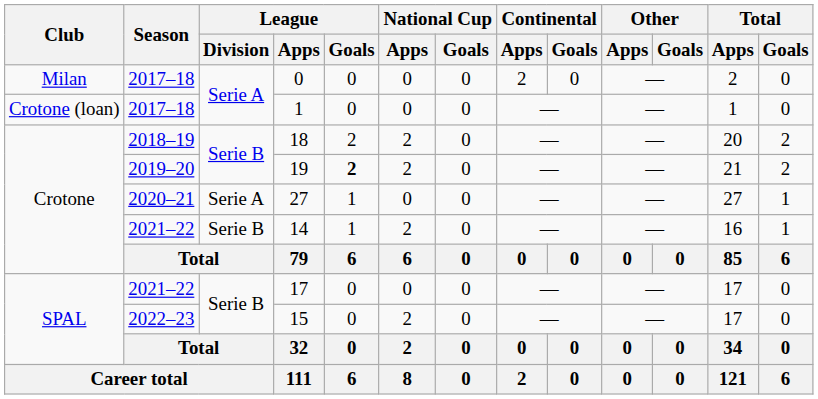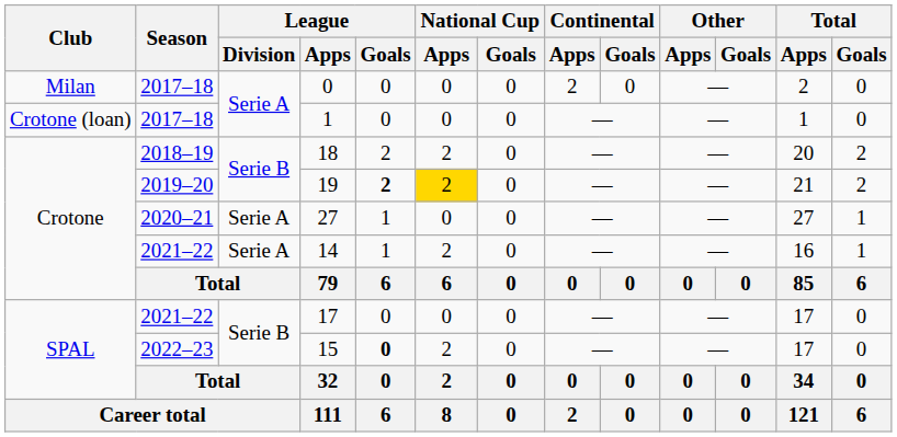 <table class="wikitable" style="text-align: center;">
 <tr>
 <th rowspan="2">Club</th>
 <th rowspan="2">Season</th>
 <th colspan="3">League</th>
 <th colspan="2">National Cup</th>
 <th colspan="2">Continental</th>
 <th colspan="2">Other</th>
 <th colspan="2">Total</th>
 </tr>
 <tr>
 <th>Division</th>
 <th>Apps</th>
 <th>Goals</th>
 <th>Apps</th>
 <th>Goals</th>
 <th>Apps</th>
 <th>Goals</th>
 <th>Apps</th>
 <th>Goals</th>
 <th>Apps</th>
 <th>Goals</th>
 </tr>
 <tr>
 <td><a href='#'>Milan</a></td>
 <td><a href='#'>2017–18</a></td>
 <td rowspan="2"><a href='#'>Serie A</a></td>
 <td>0</td>
 <td>0</td>
 <td>0</td>
 <td>0</td>
 <td>2</td>
 <td>0</td>
 <td colspan="2“">—</td>
 <td>2</td>
 <td>0</td>
 </tr>
 <tr>
 <td><a href='#'>Crotone</a> (loan)</td>
 <td><a href='#'>2017–18</a></td>
 <td>1</td>
 <td>0</td>
 <td>0</td>
 <td>0</td>
 <td colspan="2“">—</td>
 <td colspan="2“">—</td>
 <td>1</td>
 <td>0</td>
 </tr>
 <tr>
 <td rowspan="5">Crotone</td>
 <td><a href='#'>2018–19</a></td>
 <td rowspan="2"><a href='#'>Serie B</a></td>
 <td>18</td>
 <td>2</td>
 <td>2</td>
 <td>0</td>
 <td colspan="2“">—</td>
 <td colspan="2“">—</td>
 <td>20</td>
 <td>2</td>
 </tr>
 <tr>
 <td><a href='#'>2019–20</a></td>
 <td>19</td>
 <td><strong>2</strong></td>
-<td>2</td>
+<td style="background: gold;">2</td>
 <td>0</td>
 <td colspan="2“">—</td>
 <td colspan="2“">—</td>
 <td>21</td>
 <td>2</td>
 </tr>
 <tr>
 <td><a href='#'>2020–21</a></td>
 <td>Serie A</td>
 <td>27</td>
 <td>1</td>
 <td>0</td>
 <td>0</td>
 <td colspan="2“">—</td>
 <td colspan="2“">—</td>
 <td>27</td>
 <td>1</td>
 </tr>
 <tr>
 <td><a href='#'>2021–22</a></td>
-<td>Serie B</td>
+<td>Serie A</td>
 <td>14</td>
 <td>1</td>
 <td>2</td>
 <td>0</td>
 <td colspan="2“">—</td>
 <td colspan="2“">—</td>
 <td>16</td>
 <td>1</td>
 </tr>
 <tr>
 <th colspan="2">Total</th>
 <th>79</th>
 <th>6</th>
 <th>6</th>
 <th>0</th>
 <th>0</th>
 <th>0</th>
 <th>0</th>
 <th>0</th>
 <th>85</th>
 <th>6</th>
 </tr>
 <tr>
 <td rowspan="3"><a href='#'>SPAL</a></td>
 <td><a href='#'>2021–22</a></td>
 <td rowspan="2">Serie B</td>
 <td>17</td>
 <td>0</td>
 <td>0</td>
 <td>0</td>
 <td colspan="2“">—</td>
 <td colspan="2“">—</td>
 <td>17</td>
 <td>0</td>
 </tr>
 <tr>
 <td><a href='#'>2022–23</a></td>
 <td>15</td>
-<td>0</td>
+<td><strong>0</strong></td>
 <td>2</td>
 <td>0</td>
 <td colspan="2“">—</td>
 <td colspan="2“">—</td>
 <td>17</td>
 <td>0</td>
 </tr>
 <tr>
 <th colspan="2">Total</th>
 <th>32</th>
 <th>0</th>
 <th>2</th>
 <th>0</th>
 <th>0</th>
 <th>0</th>
 <th>0</th>
 <th>0</th>
 <th>34</th>
 <th>0</th>
 </tr>
 <tr>
 <th colspan="3">Career total</th>
 <th>111</th>
 <th>6</th>
 <th>8</th>
 <th>0</th>
 <th>2</th>
 <th>0</th>
 <th>0</th>
 <th>0</th>
 <th>121</th>
 <th>6</th>
 </tr>
 </table>
